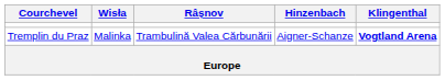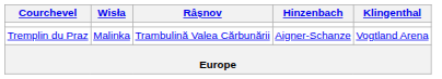 <table class="wikitable plainrowheaders" style="background:#fff; font-size:86%; line-height:16px; border:grey solid 1px; border-collapse:collapse;">
 <tr>
 <th> <a href='#'>Courchevel</a></th>
 <th> <a href='#'>Wisła</a></th>
 <th> <a href='#'>Râșnov</a></th>
 <th> <a href='#'>Hinzenbach</a></th>
 <th> <a href='#'>Klingenthal</a></th>
 </tr>
 <tr>
 <td align=center></td>
 <td align=center></td>
 <td align=center></td>
 <td align=center></td>
 <td align=center></td>
 </tr>
 <tr>
 <td align=center><a href='#'>Tremplin du Praz</a></td>
 <td align=center><a href='#'>Malinka</a></td>
 <td align=center><a href='#'>Trambulină Valea Cărbunării</a></td>
 <td align=center><a href='#'>Aigner-Schanze</a></td>
-<td align=center><strong><a href='#'>Vogtland Arena</a></strong></td>
+<td align=center><a href='#'>Vogtland Arena</a></td>
 </tr>
 <tr>
 <th colspan="5"><br>Europe </th>
 </tr>
 </table>
